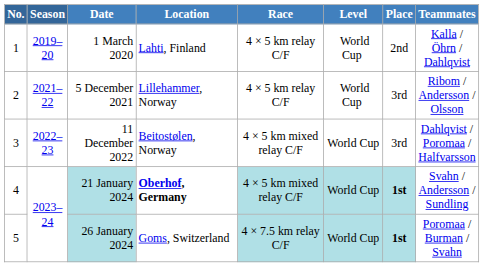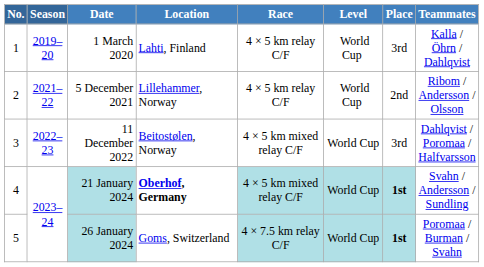 <table class="wikitable sortable" style="font-size:95%; text-align:center; border:grey solid 1px; border-collapse:collapse; background:#ffffff;">
 <tr style="background:#efefef;">
 <th style="background-color:#369; color:white;">No.</th>
 <th style="background-color:#369; color:white;">Season</th>
 <th style="background-color:#4180be; color:white; width:100px;">Date</th>
 <th style="background-color:#4180be; color:white; width:170px;">Location</th>
 <th style="background-color:#4180be; color:white; width:170px;">Race</th>
 <th style="background-color:#4180be; color:white; width:100px;">Level</th>
 <th style="background-color:#4180be; color:white;">Place</th>
 <th style="background-color:#4180be; color:white;">Teammates</th>
 </tr>
 <tr>
 <td align=center>1</td>
 <td rowspan=1 align=center><a href='#'>2019–20</a></td>
 <td align=right>1 March 2020</td>
 <td align=left> <a href='#'>Lahti</a>, Finland</td>
 <td>4 × 5 km relay C/F</td>
 <td> World Cup </td>
-<td>2nd</td>
+<td>3rd</td>
 <td><a href='#'>Kalla</a> / <a href='#'>Öhrn</a> / <a href='#'>Dahlqvist</a></td>
 </tr>
 <tr>
 <td align=center>2</td>
 <td rowspan=1 align=center><a href='#'>2021–22</a></td>
 <td align=right>5 December 2021</td>
 <td align=left> <a href='#'>Lillehammer</a>, Norway</td>
 <td>4 × 5 km relay C/F</td>
 <td> World Cup </td>
-<td>3rd</td>
+<td>2nd</td>
 <td><a href='#'>Ribom</a> / <a href='#'>Andersson</a> / <a href='#'>Olsson</a></td>
 </tr>
 <tr>
 <td align=center>3</td>
 <td align=center><a href='#'>2022–23</a></td>
 <td align=right>11 December 2022</td>
 <td align=left> <a href='#'>Beitostølen</a>, Norway</td>
 <td>4 × 5 km mixed relay C/F</td>
 <td>World Cup</td>
 <td>3rd</td>
 <td><a href='#'>Dahlqvist</a> / <a href='#'>Poromaa</a> / <a href='#'>Halfvarsson</a></td>
 </tr>
 <tr>
 <td align=center>4</td>
 <td rowspan=2 align=center><a href='#'>2023–24</a></td>
 <td bgcolor="#BOEOE6" align=right>21 January 2024</td>
 <td align=left><strong> <a href='#'>Oberhof</a>, Germany</strong></td>
 <td bgcolor="#BOEOE6">4 × 5 km mixed relay C/F</td>
 <td bgcolor="#BOEOE6">World Cup</td>
 <td bgcolor="#BOEOE6"><strong>1st</strong></td>
 <td><a href='#'>Svahn</a> / <a href='#'>Andersson</a> / <a href='#'>Sundling</a></td>
 </tr>
 <tr>
 <td align=center>5</td>
 <td bgcolor="#BOEOE6" align=right>26 January 2024</td>
 <td align=left> <a href='#'>Goms</a>, Switzerland</td>
 <td bgcolor="#BOEOE6">4 × 7.5 km relay C/F</td>
 <td bgcolor="#BOEOE6">World Cup</td>
 <td bgcolor="#BOEOE6"><strong>1st</strong></td>
 <td><a href='#'>Poromaa</a> / <a href='#'>Burman</a> / <a href='#'>Svahn</a></td>
 </tr>
 </table>
